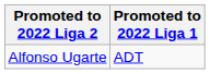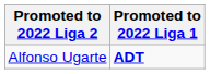 <table class="wikitable">
 <tr>
 <th>Promoted to<br><a href='#'>2022 Liga 2</a></th>
 <th>Promoted to<br><a href='#'>2022 Liga 1</a></th>
 </tr>
 <tr>
 <td> <a href='#'>Alfonso Ugarte</a> </td>
-<td> <a href='#'>ADT</a> </td>
+<td><strong> <a href='#'>ADT</a> </strong></td>
 </tr>
 </table>
